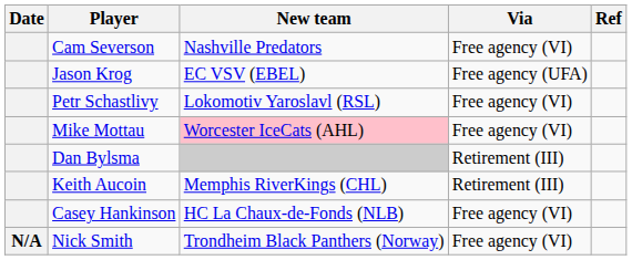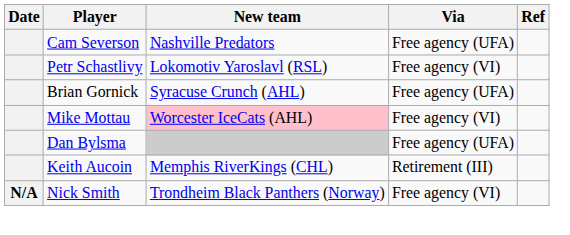 <table class="wikitable plainrowheaders">
 <tr style="background:#ddd; text-align:center;">
 <th>Date</th>
 <th>Player</th>
 <th>New team</th>
 <th>Via</th>
 <th>Ref</th>
 </tr>
 <tr>
 <th scope="row"></th>
 <td><a href='#'>Cam Severson</a></td>
 <td><a href='#'>Nashville Predators</a></td>
-<td>Free agency (VI)</td>
-<td></td>
-</tr>
-<tr>
-<th scope="row"></th>
-<td><a href='#'>Jason Krog</a></td>
-<td><a href='#'>EC VSV</a> (<a href='#'>EBEL</a>)</td>
 <td>Free agency (UFA)</td>
 <td></td>
 </tr>
 <tr>
 <th scope="row"></th>
 <td><a href='#'>Petr Schastlivy</a></td>
 <td><a href='#'>Lokomotiv Yaroslavl</a> (<a href='#'>RSL</a>)</td>
 <td>Free agency (VI)</td>
+<td></td>
+</tr>
+<tr>
+<th scope="row"></th>
+<td>Brian Gornick</td>
+<td><a href='#'>Syracuse Crunch</a> (<a href='#'>AHL</a>)</td>
+<td>Free agency (UFA)</td>
 <td></td>
 </tr>
 <tr>
 <th scope="row"></th>
 <td><a href='#'>Mike Mottau</a></td>
 <td style="background: pink;"><a href='#'>Worcester IceCats</a> (AHL)</td>
 <td>Free agency (VI)</td>
 <td></td>
 </tr>
 <tr>
 <th scope="row"></th>
 <td><a href='#'>Dan Bylsma</a></td>
 <td style="background:#ccc"></td>
-<td>Retirement (III)</td>
+<td>Free agency (UFA)</td>
 <td></td>
 </tr>
 <tr>
 <th scope="row"></th>
 <td><a href='#'>Keith Aucoin</a></td>
 <td><a href='#'>Memphis RiverKings</a> (<a href='#'>CHL</a>)</td>
 <td>Retirement (III)</td>
 <td></td>
 </tr>
 <tr>
-<th scope="row"></th>
-<td><a href='#'>Casey Hankinson</a></td>
-<td><a href='#'>HC La Chaux-de-Fonds</a> (<a href='#'>NLB</a>)</td>
-<td>Free agency (VI)</td>
-<td></td>
-</tr>
-<tr>
 <th scope="row">N/A</th>
 <td><a href='#'>Nick Smith</a></td>
 <td><a href='#'>Trondheim Black Panthers</a> (<a href='#'>Norway</a>)</td>
 <td>Free agency (VI)</td>
 <td></td>
 </tr>
 </table>
